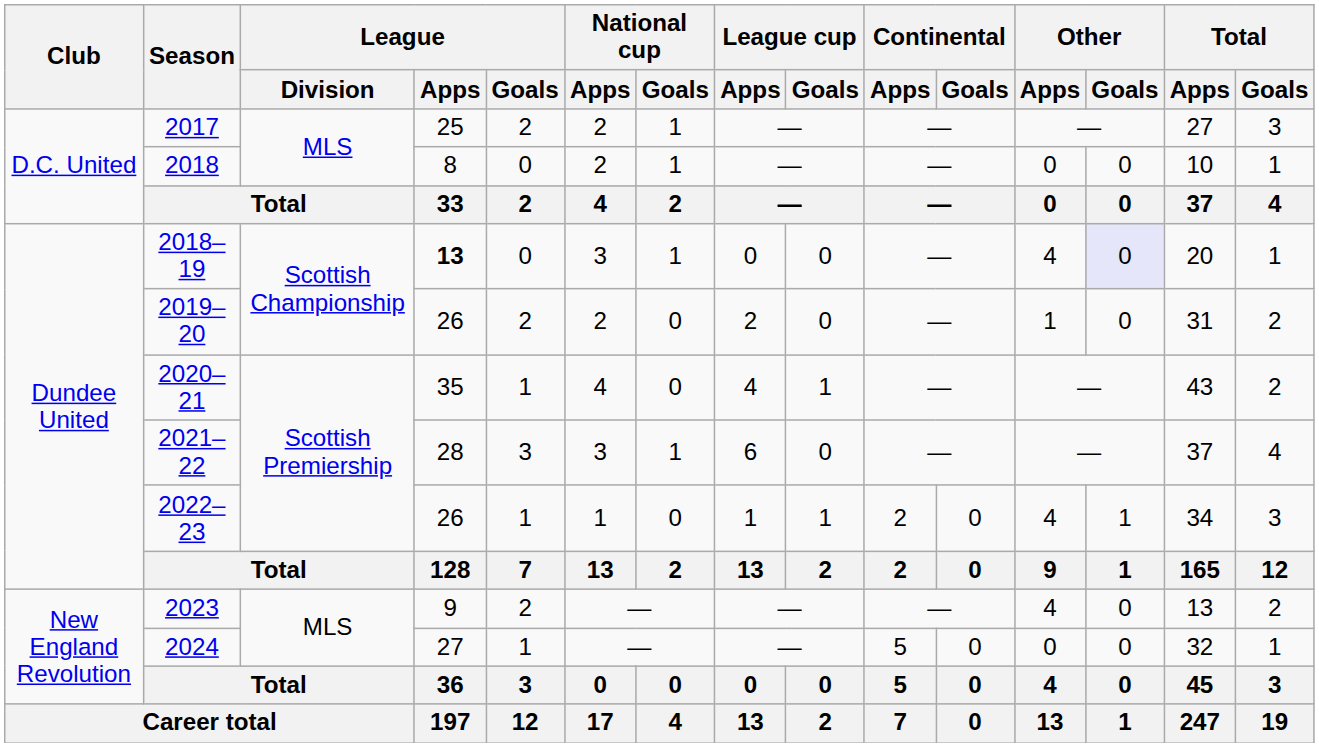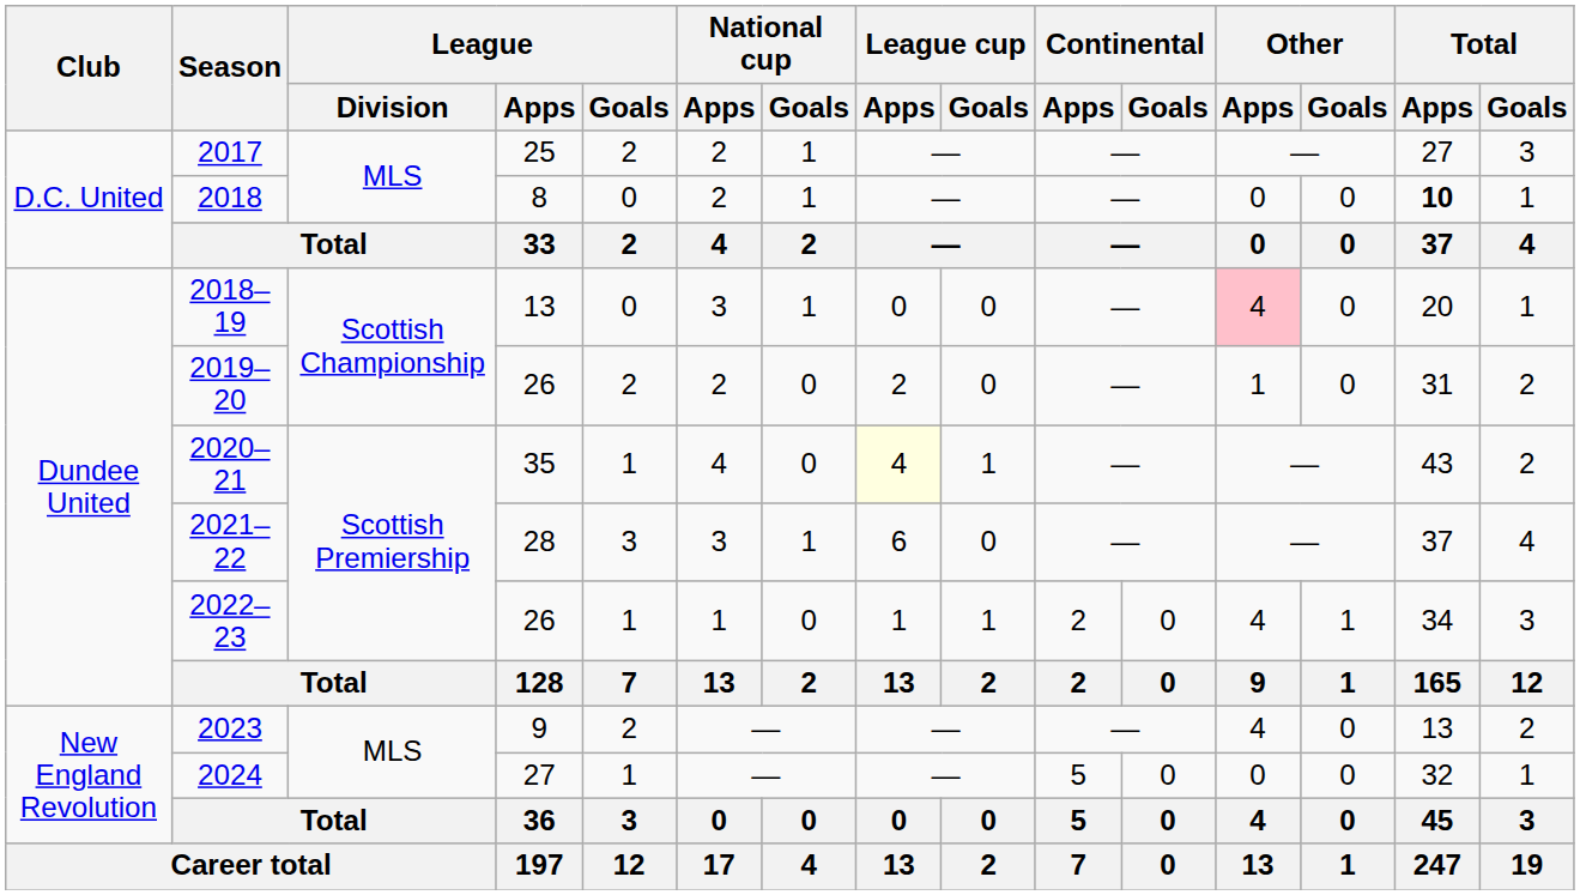 <table class="wikitable" style="text-align: center;">
 <tr>
 <th rowspan=2>Club</th>
 <th rowspan=2>Season</th>
 <th colspan=3>League</th>
 <th colspan=2>National cup</th>
 <th colspan=2>League cup</th>
 <th colspan=2>Continental</th>
 <th colspan=2>Other</th>
 <th colspan=2>Total</th>
 </tr>
 <tr>
 <th>Division</th>
 <th>Apps</th>
 <th>Goals</th>
 <th>Apps</th>
 <th>Goals</th>
 <th>Apps</th>
 <th>Goals</th>
 <th>Apps</th>
 <th>Goals</th>
 <th>Apps</th>
 <th>Goals</th>
 <th>Apps</th>
 <th>Goals</th>
 </tr>
 <tr>
 <td rowspan=3><a href='#'>D.C. United</a></td>
 <td><a href='#'>2017</a></td>
 <td rowspan=2><a href='#'>MLS</a></td>
 <td>25</td>
 <td>2</td>
 <td>2</td>
 <td>1</td>
 <td colspan=2>—</td>
 <td colspan=2>—</td>
 <td colspan=2>—</td>
 <td>27</td>
 <td>3</td>
 </tr>
 <tr>
 <td><a href='#'>2018</a></td>
 <td>8</td>
 <td>0</td>
 <td>2</td>
 <td>1</td>
 <td colspan=2>—</td>
 <td colspan=2>—</td>
 <td>0</td>
 <td>0</td>
-<td>10</td>
+<td><strong>10</strong></td>
 <td>1</td>
 </tr>
 <tr>
 <th colspan=2>Total</th>
 <th>33</th>
 <th>2</th>
 <th>4</th>
 <th>2</th>
 <th colspan=2>—</th>
 <th colspan=2>—</th>
 <th>0</th>
 <th>0</th>
 <th>37</th>
 <th>4</th>
 </tr>
 <tr>
 <td rowspan=6><a href='#'>Dundee United</a></td>
 <td><a href='#'>2018–19</a></td>
 <td rowspan=2><a href='#'>Scottish Championship</a></td>
-<td><strong>13</strong></td>
+<td>13</td>
 <td>0</td>
 <td>3</td>
 <td>1</td>
 <td>0</td>
 <td>0</td>
 <td colspan=2>—</td>
-<td>4</td>
-<td style="background: lavender;">0</td>
+<td style="background: pink;">4</td>
+<td>0</td>
 <td>20</td>
 <td>1</td>
 </tr>
 <tr>
 <td><a href='#'>2019–20</a></td>
 <td>26</td>
 <td>2</td>
 <td>2</td>
 <td>0</td>
 <td>2</td>
 <td>0</td>
 <td colspan=2>—</td>
 <td>1</td>
 <td>0</td>
 <td>31</td>
 <td>2</td>
 </tr>
 <tr>
 <td><a href='#'>2020–21</a></td>
 <td rowspan=3><a href='#'>Scottish Premiership</a></td>
 <td>35</td>
 <td>1</td>
 <td>4</td>
 <td>0</td>
-<td>4</td>
+<td style="background: lightyellow;">4</td>
 <td>1</td>
 <td colspan=2>—</td>
 <td colspan=2>—</td>
 <td>43</td>
 <td>2</td>
 </tr>
 <tr>
 <td><a href='#'>2021–22</a></td>
 <td>28</td>
 <td>3</td>
 <td>3</td>
 <td>1</td>
 <td>6</td>
 <td>0</td>
 <td colspan=2>—</td>
 <td colspan=2>—</td>
 <td>37</td>
 <td>4</td>
 </tr>
 <tr>
 <td><a href='#'>2022–23</a></td>
 <td>26</td>
 <td>1</td>
 <td>1</td>
 <td>0</td>
 <td>1</td>
 <td>1</td>
 <td>2</td>
 <td>0</td>
 <td>4</td>
 <td>1</td>
 <td>34</td>
 <td>3</td>
 </tr>
 <tr>
 <th colspan=2>Total</th>
 <th>128</th>
 <th>7</th>
 <th>13</th>
 <th>2</th>
 <th>13</th>
 <th>2</th>
 <th>2</th>
 <th>0</th>
 <th>9</th>
 <th>1</th>
 <th>165</th>
 <th>12</th>
 </tr>
 <tr>
 <td rowspan=3><a href='#'>New England Revolution</a></td>
 <td><a href='#'>2023</a></td>
 <td rowspan=2>MLS</td>
 <td>9</td>
 <td>2</td>
 <td colspan=2>—</td>
 <td colspan=2>—</td>
 <td colspan=2>—</td>
 <td>4</td>
 <td>0</td>
 <td>13</td>
 <td>2</td>
 </tr>
 <tr>
 <td><a href='#'>2024</a></td>
 <td>27</td>
 <td>1</td>
 <td colspan="2">—</td>
 <td colspan=2>—</td>
 <td>5</td>
 <td>0</td>
 <td>0</td>
 <td>0</td>
 <td>32</td>
 <td>1</td>
 </tr>
 <tr>
 <th colspan=2>Total</th>
 <th>36</th>
 <th>3</th>
 <th>0</th>
 <th>0</th>
 <th>0</th>
 <th>0</th>
 <th>5</th>
 <th>0</th>
 <th>4</th>
 <th>0</th>
 <th>45</th>
 <th>3</th>
 </tr>
 <tr>
 <th colspan=3>Career total</th>
 <th>197</th>
 <th>12</th>
 <th>17</th>
 <th>4</th>
 <th>13</th>
 <th>2</th>
 <th>7</th>
 <th>0</th>
 <th>13</th>
 <th>1</th>
 <th>247</th>
 <th>19</th>
 </tr>
 </table>
